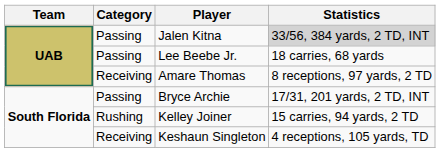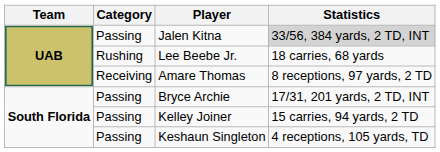 <table class="wikitable" style="float: right;">
 <tr>
 <th>Team</th>
 <th>Category</th>
 <th>Player</th>
 <th>Statistics</th>
 </tr>
 <tr>
 <td rowspan=3 style="background-color:#CDC26C;color:#000000;box-shadow: inset 2px 2px 0 #1E6B52, inset -2px -2px 0 #1E6B52; text-align:center;"><strong>UAB</strong></td>
 <td>Passing</td>
 <td>Jalen Kitna</td>
 <td style="background: lightgrey;">33/56, 384 yards, 2 TD, INT</td>
 </tr>
 <tr>
-<td>Passing</td>
+<td>Rushing</td>
 <td>Lee Beebe Jr.</td>
 <td>18 carries, 68 yards</td>
 </tr>
 <tr>
 <td>Receiving</td>
 <td>Amare Thomas</td>
 <td>8 receptions, 97 yards, 2 TD</td>
 </tr>
 <tr>
 <td rowspan=3><strong>South Florida</strong></td>
 <td>Passing</td>
 <td>Bryce Archie</td>
 <td>17/31, 201 yards, 2 TD, INT</td>
 </tr>
 <tr>
-<td>Rushing</td>
+<td>Passing</td>
 <td>Kelley Joiner</td>
 <td>15 carries, 94 yards, 2 TD</td>
 </tr>
 <tr>
-<td>Receiving</td>
+<td>Passing</td>
 <td>Keshaun Singleton</td>
 <td>4 receptions, 105 yards, TD</td>
 </tr>
 </table>
